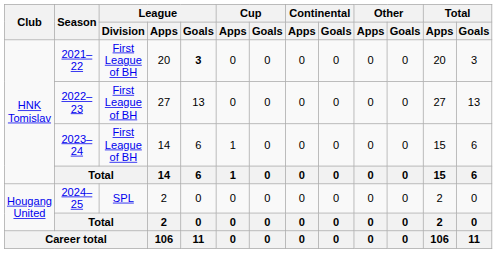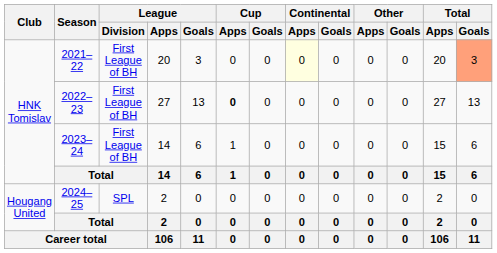 <table class="wikitable" style="text-align: center;font-size:90%">
 <tr>
 <th rowspan="2">Club</th>
 <th rowspan="2">Season</th>
 <th colspan="3">League</th>
 <th colspan="2">Cup</th>
 <th colspan="2">Continental</th>
 <th colspan="2">Other</th>
 <th colspan="2">Total</th>
 </tr>
 <tr>
 <th>Division</th>
 <th>Apps</th>
 <th>Goals</th>
 <th>Apps</th>
 <th>Goals</th>
 <th>Apps</th>
 <th>Goals</th>
 <th>Apps</th>
 <th>Goals</th>
 <th>Apps</th>
 <th>Goals</th>
 </tr>
 <tr>
 <td rowspan="4" valign="center"><a href='#'>HNK Tomislav</a></td>
 <td><a href='#'>2021–22</a></td>
 <td><a href='#'>First League of BH</a></td>
 <td>20</td>
-<td><strong>3</strong></td>
+<td>3</td>
 <td>0</td>
 <td>0</td>
-<td>0</td>
+<td style="background: lightyellow;">0</td>
 <td>0</td>
 <td>0</td>
 <td>0</td>
 <td>20</td>
-<td>3</td>
+<td style="background: lightsalmon;">3</td>
 </tr>
 <tr>
 <td><a href='#'>2022–23</a></td>
 <td><a href='#'>First League of BH</a></td>
 <td>27</td>
 <td>13</td>
-<td>0</td>
+<td><strong>0</strong></td>
 <td>0</td>
 <td>0</td>
 <td>0</td>
 <td>0</td>
 <td>0</td>
 <td>27</td>
 <td>13</td>
 </tr>
 <tr>
 <td><a href='#'>2023–24</a></td>
 <td><a href='#'>First League of BH</a></td>
 <td>14</td>
 <td>6</td>
 <td>1</td>
 <td>0</td>
 <td>0</td>
 <td>0</td>
 <td>0</td>
 <td>0</td>
 <td>15</td>
 <td>6</td>
 </tr>
 <tr>
 <th colspan="2">Total</th>
 <th>14</th>
 <th>6</th>
 <th>1</th>
 <th>0</th>
 <th>0</th>
 <th>0</th>
 <th>0</th>
 <th>0</th>
 <th>15</th>
 <th>6</th>
 </tr>
 <tr>
 <td rowspan="2" valign="center"><a href='#'>Hougang United</a></td>
 <td><a href='#'>2024–25</a></td>
 <td><a href='#'>SPL</a></td>
 <td>2</td>
 <td>0</td>
 <td>0</td>
 <td>0</td>
 <td>0</td>
 <td>0</td>
 <td>0</td>
 <td>0</td>
 <td>2</td>
 <td>0</td>
 </tr>
 <tr>
 <th colspan="2">Total</th>
 <th>2</th>
 <th>0</th>
 <th>0</th>
 <th>0</th>
 <th>0</th>
 <th>0</th>
 <th>0</th>
 <th>0</th>
 <th>2</th>
 <th>0</th>
 </tr>
 <tr>
 <th colspan="3">Career total</th>
 <th>106</th>
 <th>11</th>
 <th>0</th>
 <th>0</th>
 <th>0</th>
 <th>0</th>
 <th>0</th>
 <th>0</th>
 <th>106</th>
 <th>11</th>
 </tr>
 </table>
